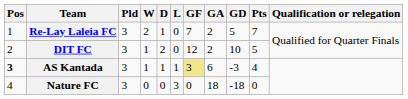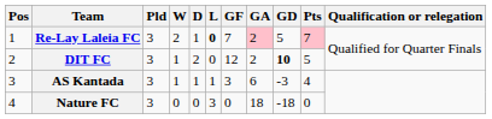 <table class="wikitable">
 <tr>
 <th><abbr>Pos</abbr></th>
 <th>Team</th>
 <th><abbr>Pld</abbr></th>
 <th><abbr>W</abbr></th>
 <th><abbr>D</abbr></th>
 <th><abbr>L</abbr></th>
 <th><abbr>GF</abbr></th>
 <th><abbr>GA</abbr></th>
 <th><abbr>GD</abbr></th>
 <th><abbr>Pts</abbr></th>
 <th>Qualification or relegation</th>
 </tr>
 <tr>
 <td>1</td>
 <th><a href='#'>Re-Lay Laleia FC</a></th>
 <td>3</td>
 <td>2</td>
 <td>1</td>
-<td>0</td>
+<td><strong>0</strong></td>
 <td>7</td>
-<td>2</td>
+<td style="background: pink;">2</td>
 <td>5</td>
-<td>7</td>
+<td style="background: pink;">7</td>
 <td rowspan="2">Qualified for Quarter Finals</td>
 </tr>
 <tr>
 <td>2</td>
 <th><a href='#'>DIT FC</a></th>
 <td>3</td>
 <td>1</td>
 <td>2</td>
 <td>0</td>
 <td>12</td>
 <td>2</td>
-<td>10</td>
+<td><strong>10</strong></td>
 <td>5</td>
 </tr>
 <tr>
-<td><strong>3</strong></td>
+<td>3</td>
 <th>AS Kantada</th>
 <td>3</td>
 <td>1</td>
 <td>1</td>
 <td>1</td>
-<td style="background: khaki;">3</td>
+<td>3</td>
 <td>6</td>
 <td>-3</td>
 <td>4</td>
 <td rowspan="2"></td>
 </tr>
 <tr>
 <td>4</td>
 <th>Nature FC</th>
 <td>3</td>
 <td>0</td>
 <td>0</td>
 <td>3</td>
 <td>0</td>
 <td>18</td>
 <td>-18</td>
 <td>0</td>
 </tr>
 </table>
